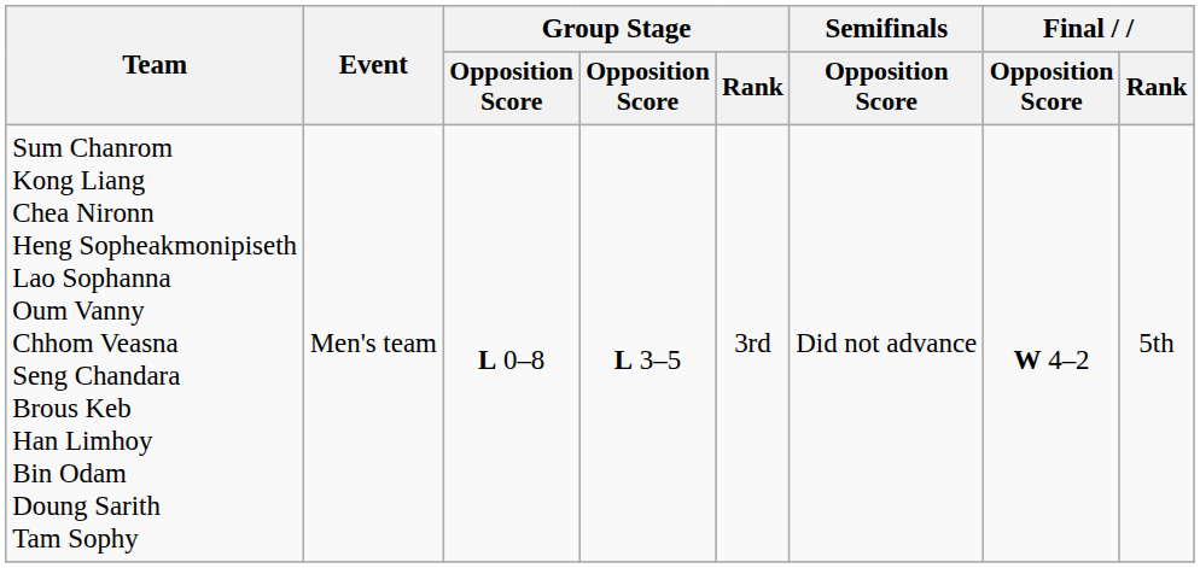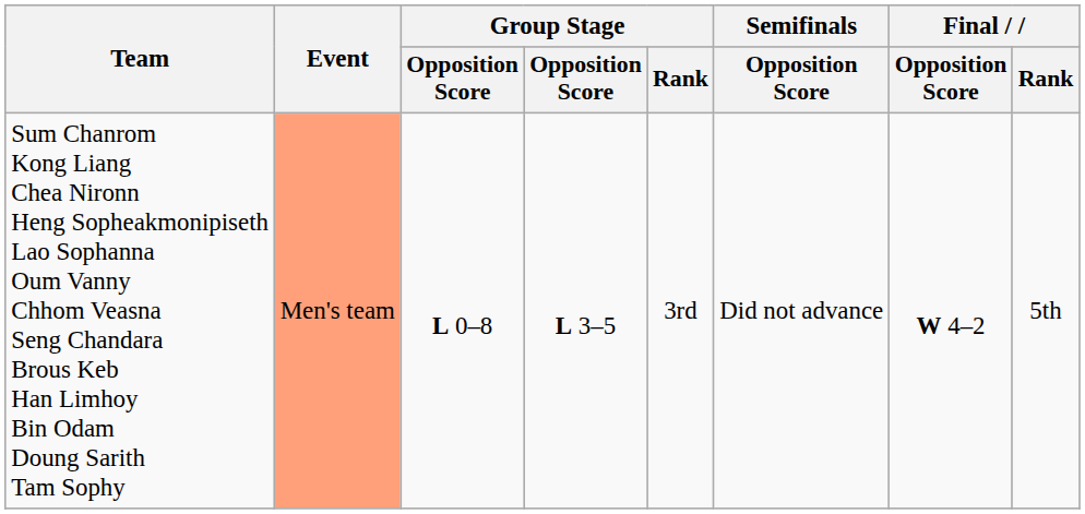 <table class="wikitable" style="font-size:90%">
 <tr>
 <th rowspan=2>Team</th>
 <th rowspan=2>Event</th>
 <th colspan=3>Group Stage</th>
 <th>Semifinals</th>
 <th colspan=2>Final /  / </th>
 </tr>
 <tr style="font-size:95%">
 <th>Opposition<br>Score</th>
 <th>Opposition<br>Score</th>
 <th>Rank</th>
 <th>Opposition<br>Score</th>
 <th>Opposition<br>Score</th>
 <th>Rank</th>
 </tr>
 <tr style="text-align:center">
 <td style="text-align:left">Sum Chanrom<br>Kong Liang<br>Chea Nironn<br>Heng Sopheakmonipiseth<br>Lao Sophanna<br>Oum Vanny<br>Chhom Veasna<br>Seng Chandara<br>Brous Keb<br>Han Limhoy<br>Bin Odam<br>Doung Sarith<br>Tam Sophy</td>
-<td style="text-align:left">Men's team</td>
+<td style="background: lightsalmon; text-align:left">Men's team</td>
 <td><br><strong>L</strong> 0–8</td>
 <td><br><strong>L</strong> 3–5</td>
 <td>3rd</td>
 <td>Did not advance</td>
 <td><br><strong>W</strong> 4–2</td>
 <td>5th</td>
 </tr>
 </table>
